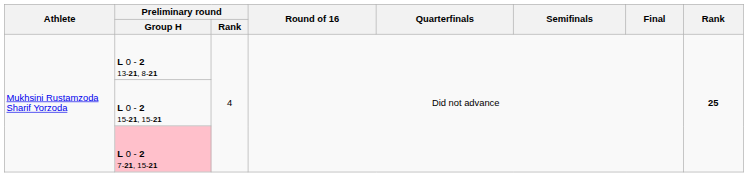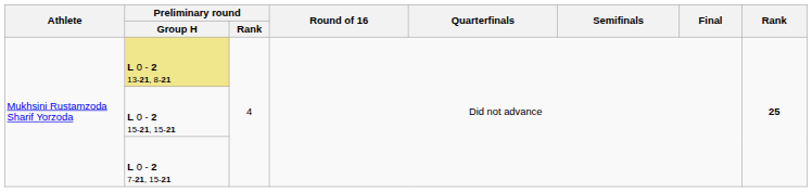 <table class=wikitable width="90%" style="font-size:90%; text-align:center">
 <tr>
 <th rowspan="2" width="15%">Athlete</th>
 <th colspan="2">Preliminary round</th>
 <th rowspan="2">Round of 16</th>
 <th rowspan="2">Quarterfinals</th>
 <th rowspan="2">Semifinals</th>
 <th rowspan="2">Final</th>
 <th rowspan="2">Rank</th>
 </tr>
 <tr>
 <th width="13%">Group H</th>
 <th width="5%">Rank</th>
 </tr>
 <tr>
 <td rowspan=3 align=left><a href='#'>Mukhsini Rustamzoda</a><br><a href='#'>Sharif Yorzoda</a></td>
-<td align=left><br><br><strong>L</strong> 0 - <strong>2</strong><br><small>13-<strong>21</strong>, 8-<strong>21</strong></small></td>
+<td align=left style="background: khaki;"><br><br><strong>L</strong> 0 - <strong>2</strong><br><small>13-<strong>21</strong>, 8-<strong>21</strong></small></td>
 <td rowspan=3>4</td>
 <td rowspan=3 colspan="4">Did not advance</td>
 <td rowspan=3><strong>25</strong></td>
 </tr>
 <tr>
 <td align=left><br><br><strong>L</strong> 0 - <strong>2</strong><br><small>15-<strong>21</strong>, 15-<strong>21</strong></small></td>
 </tr>
 <tr>
-<td align=left style="background: pink;"><br><br><strong>L</strong> 0 - <strong>2</strong><br><small>7-<strong>21</strong>, 15-<strong>21</strong></small></td>
+<td align=left><br><br><strong>L</strong> 0 - <strong>2</strong><br><small>7-<strong>21</strong>, 15-<strong>21</strong></small></td>
 </tr>
 </table>
